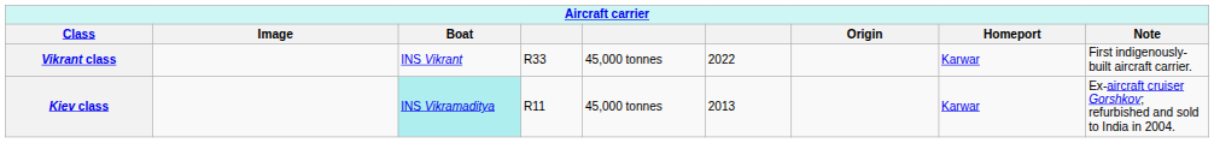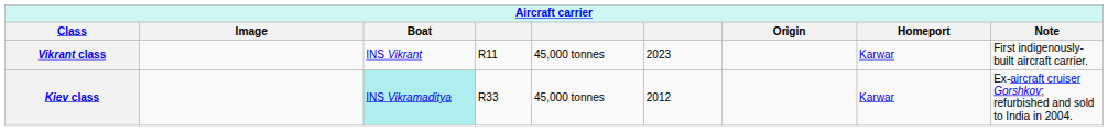 <table class="wikitable" style="margin:auto; width:100%;">
 <tr>
 <th colspan="9" style="align: center; background: #CEF6F5;"><a href='#'>Aircraft carrier</a></th>
 </tr>
 <tr>
 <th style="text-align:center; width:12%;"><a href='#'>Class</a></th>
 <th style="text-align:center; width:20%;">Image</th>
 <th style="text-align:center; width:10%;">Boat</th>
 <th style="text-align:center; width:5%;"></th>
 <th style="text-align:center; width:10%;"></th>
 <th style="text-align:center; width:7%;"></th>
 <th style="text-align:center; width:12%;">Origin</th>
 <th style="text-align:center; width:12%;">Homeport</th>
 <th style="text-align:center; width:10%;">Note</th>
 </tr>
 <tr>
 <th rowspan="1"><a href='#'><em>Vikrant</em> class</a></th>
 <td rowspan="1"></td>
 <td><a href='#'>INS <em>Vikrant</em></a></td>
-<td>R33</td>
+<td>R11</td>
 <td rowspan="1">45,000 tonnes</td>
-<td>2022</td>
+<td>2023</td>
 <td rowspan="1"></td>
 <td><a href='#'>Karwar</a></td>
 <td rowspan="1">First indigenously-built aircraft carrier.</td>
 </tr>
 <tr>
 <th rowspan="1"><a href='#'><em>Kiev</em> class</a></th>
 <td rowspan="1"></td>
 <td style="background: paleturquoise;"><a href='#'>INS <em>Vikramaditya</em></a></td>
-<td>R11</td>
+<td>R33</td>
 <td rowspan="1">45,000 tonnes</td>
-<td>2013</td>
+<td>2012</td>
 <td rowspan="1"></td>
 <td><a href='#'>Karwar</a></td>
 <td rowspan="1">Ex-<a href='#'>aircraft cruiser <em>Gorshkov</em></a>; refurbished and sold to India in 2004.</td>
 </tr>
 </table>
